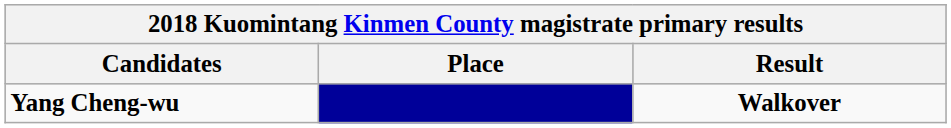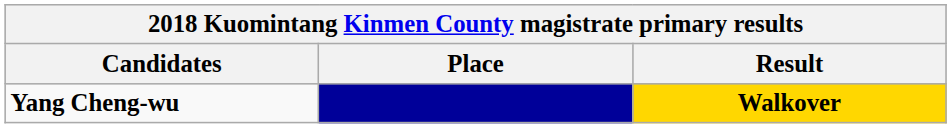 <table style="margin-left: auto; margin-right: auto; border: none;" class="wikitable collapsible">
 <tr>
 <th colspan="3" width="600">2018 Kuomintang <a href='#'>Kinmen County</a> magistrate primary results</th>
 </tr>
 <tr>
 <th width=80>Candidates</th>
 <th width=80>Place</th>
 <th width=80>Result</th>
 </tr>
 <tr>
 <td><strong>Yang Cheng-wu</strong></td>
 <td style="background: #000099; text-align:center"><strong></strong></td>
-<td style="text-align:center"><strong>Walkover</strong></td>
+<td style="background: gold; text-align:center"><strong>Walkover</strong></td>
 </tr>
 </table>
